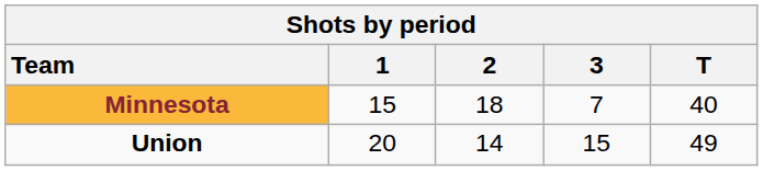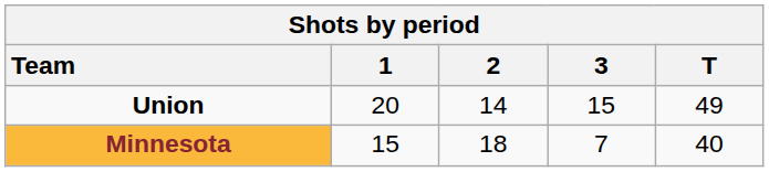 <table class="wikitable" style="width:30em; text-align:right;">
 <tr>
 <th colspan=5>Shots by period</th>
 </tr>
 <tr>
 <th style="width:10em; text-align:left;">Team</th>
 <th style="width:3em;">1</th>
 <th style="width:3em;">2</th>
 <th style="width:3em;">3</th>
 <th style="width:3em;">T</th>
 </tr>
 <tr>
+<td align=center><strong>Union</strong></td>
+<td align=center>20</td>
+<td align=center>14</td>
+<td align=center>15</td>
+<td align=center>49</td>
+</tr>
+<tr>
 <td align=center style="color:#862334; background:#FBB93C; "><strong>Minnesota</strong></td>
 <td align=center>15</td>
 <td align=center>18</td>
 <td align=center>7</td>
 <td align=center>40</td>
 </tr>
-<tr>
-<td align=center><strong>Union</strong></td>
-<td align=center>20</td>
-<td align=center>14</td>
-<td align=center>15</td>
-<td align=center>49</td>
-</tr>
 </table>
